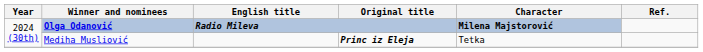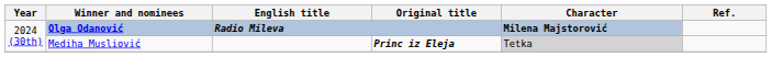 <table class="wikitable" width="82%" cellpadding="5">
 <tr>
 <th width="50"><strong>Year</strong></th>
 <th width="220"><strong>Winner and nominees</strong></th>
 <th width="210"><strong>English title</strong></th>
 <th width="170"><strong>Original title</strong></th>
 <th width="240">Character</th>
 <th>Ref.</th>
 </tr>
 <tr>
 <td rowspan="2" style="text-align:center;">2024<br><a href='#'>(30th)</a></td>
 <td style="background:#B0C4DE;"> <strong><a href='#'>Olga Odanović</a></strong></td>
 <td colspan="2" style="background:#B0C4DE;"><strong><em>Radio Mileva</em></strong></td>
 <td style="background:#B0C4DE;"><strong>Milena Majstorović</strong></td>
 <td></td>
 </tr>
 <tr>
 <td> <a href='#'>Mediha Musliović</a></td>
 <td></td>
 <td><strong><em>Princ iz Eleja</em></strong></td>
-<td>Tetka</td>
+<td style="background: lightgrey;">Tetka</td>
 <td></td>
 </tr>
 <tr>
 </tr>
 </table>
